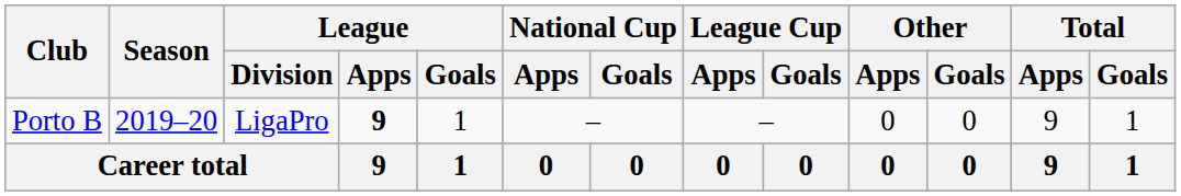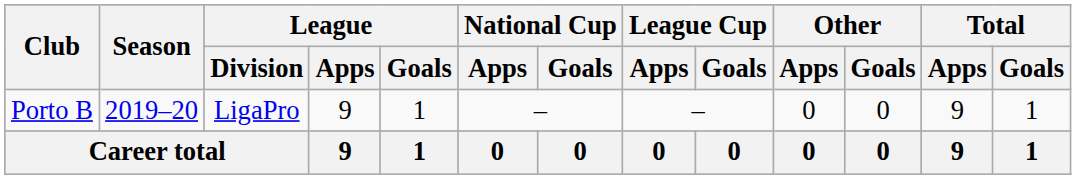 <table class="wikitable" style="text-align: center">
 <tr>
 <th rowspan="2">Club</th>
 <th rowspan="2">Season</th>
 <th colspan="3">League</th>
 <th colspan="2">National Cup</th>
 <th colspan="2">League Cup</th>
 <th colspan="2">Other</th>
 <th colspan="2">Total</th>
 </tr>
 <tr>
 <th>Division</th>
 <th>Apps</th>
 <th>Goals</th>
 <th>Apps</th>
 <th>Goals</th>
 <th>Apps</th>
 <th>Goals</th>
 <th>Apps</th>
 <th>Goals</th>
 <th>Apps</th>
 <th>Goals</th>
 </tr>
 <tr>
 <td><a href='#'>Porto B</a></td>
 <td><a href='#'>2019–20</a></td>
 <td><a href='#'>LigaPro</a></td>
-<td><strong>9</strong></td>
+<td>9</td>
 <td>1</td>
 <td colspan="2">–</td>
 <td colspan="2">–</td>
 <td>0</td>
 <td>0</td>
 <td>9</td>
 <td>1</td>
 </tr>
 <tr>
 <th colspan="3"><strong>Career total</strong></th>
 <th>9</th>
 <th>1</th>
 <th>0</th>
 <th>0</th>
 <th>0</th>
 <th>0</th>
 <th>0</th>
 <th>0</th>
 <th>9</th>
 <th>1</th>
 </tr>
 </table>
